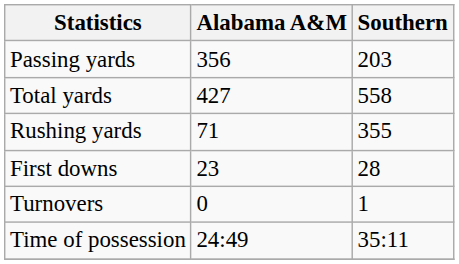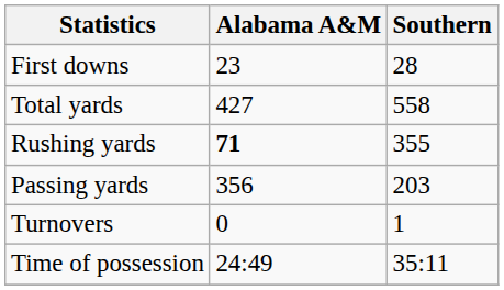 <table class="wikitable">
 <tr>
 <th>Statistics</th>
 <th>Alabama A&M</th>
 <th>Southern</th>
 </tr>
 <tr>
-<td>Passing yards</td>
-<td>356</td>
-<td>203</td>
+<td>First downs</td>
+<td>23</td>
+<td>28</td>
 </tr>
 <tr>
 <td>Total yards</td>
 <td>427</td>
 <td>558</td>
 </tr>
 <tr>
 <td>Rushing yards</td>
-<td>71</td>
+<td><strong>71</strong></td>
 <td>355</td>
 </tr>
 <tr>
-<td>First downs</td>
-<td>23</td>
-<td>28</td>
+<td>Passing yards</td>
+<td>356</td>
+<td>203</td>
 </tr>
 <tr>
 <td>Turnovers</td>
 <td>0</td>
 <td>1</td>
 </tr>
 <tr>
 <td>Time of possession</td>
 <td>24:49</td>
 <td>35:11</td>
 </tr>
 <tr>
 </tr>
 </table>
